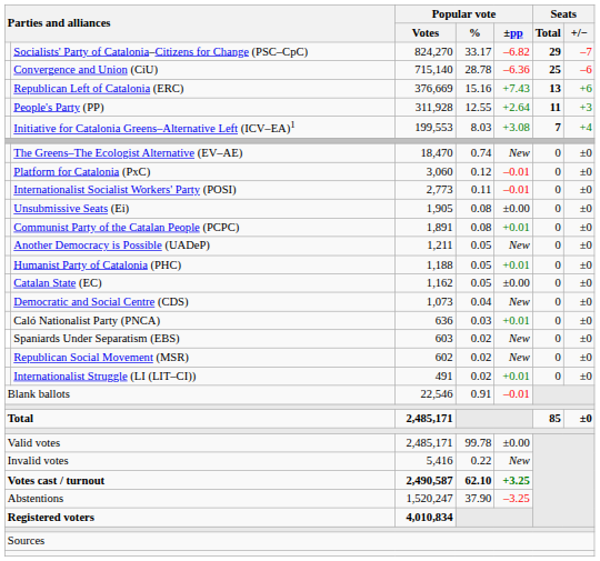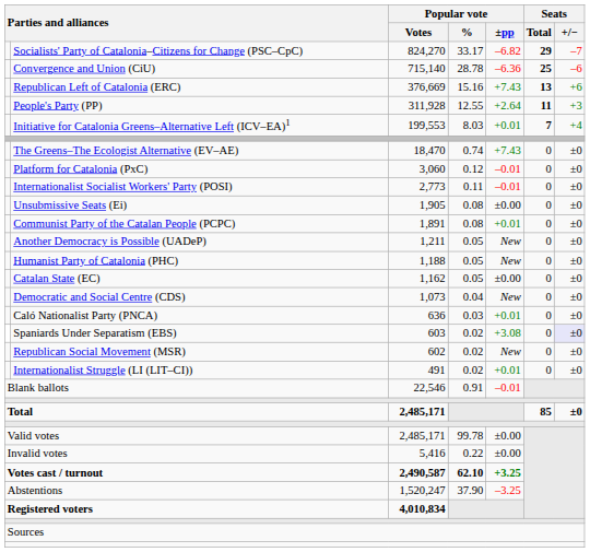 <table class="wikitable" style="text-align:right;">
 <tr>
 <th style="text-align:left;" rowspan="2" colspan="2" width="525">Parties and alliances</th>
 <th colspan="3">Popular vote</th>
 <th colspan="2">Seats</th>
 </tr>
 <tr>
 <th width="75">Votes</th>
 <th width="45">%</th>
 <th width="45">±<a href='#'>pp</a></th>
 <th width="35">Total</th>
 <th width="35">+/−</th>
 </tr>
 <tr>
 <td width="1" style="color:inherit;background:"></td>
 <td align="left"><a href='#'>Socialists' Party of Catalonia</a>–<a href='#'>Citizens for Change</a> (PSC–CpC)</td>
 <td>824,270</td>
 <td>33.17</td>
 <td style="color:red;">–6.82</td>
 <td><strong>29</strong></td>
 <td style="color:red;">–7</td>
 </tr>
 <tr>
 <td style="color:inherit;background:"></td>
 <td align="left"><a href='#'>Convergence and Union</a> (CiU)</td>
 <td>715,140</td>
 <td>28.78</td>
 <td style="color:red;">–6.36</td>
 <td><strong>25</strong></td>
 <td style="color:red;">–6</td>
 </tr>
 <tr>
 <td style="color:inherit;background:"></td>
 <td align="left"><a href='#'>Republican Left of Catalonia</a> (ERC)</td>
 <td>376,669</td>
 <td>15.16</td>
 <td style="color:green;">+7.43</td>
 <td><strong>13</strong></td>
 <td style="color:green;">+6</td>
 </tr>
 <tr>
 <td style="color:inherit;background:"></td>
 <td align="left"><a href='#'>People's Party</a> (PP)</td>
 <td>311,928</td>
 <td>12.55</td>
 <td style="color:green;">+2.64</td>
 <td><strong>11</strong></td>
 <td style="color:green;">+3</td>
 </tr>
 <tr>
 <td style="color:inherit;background:"></td>
 <td align="left"><a href='#'>Initiative for Catalonia Greens–Alternative Left</a> (ICV–EA)<sup>1</sup></td>
 <td>199,553</td>
 <td>8.03</td>
-<td style="color:green;">+3.08</td>
+<td style="color:green;">+0.01</td>
 <td><strong>7</strong></td>
 <td style="color:green;">+4</td>
 </tr>
 <tr>
 <td colspan="7" bgcolor="#C0C0C0"></td>
 </tr>
 <tr>
 <td style="color:inherit;background:"></td>
 <td align="left"><a href='#'>The Greens–The Ecologist Alternative</a> (EV–AE)</td>
 <td>18,470</td>
 <td>0.74</td>
-<td><em>New</em></td>
+<td style="color:green;">+7.43</td>
 <td>0</td>
 <td>±0</td>
 </tr>
 <tr>
 <td style="color:inherit;background:"></td>
 <td align="left"><a href='#'>Platform for Catalonia</a> (PxC)</td>
 <td>3,060</td>
 <td>0.12</td>
 <td style="color:red;">–0.01</td>
 <td>0</td>
 <td>±0</td>
 </tr>
 <tr>
 <td style="color:inherit;background:"></td>
 <td align="left"><a href='#'>Internationalist Socialist Workers' Party</a> (POSI)</td>
 <td>2,773</td>
 <td>0.11</td>
 <td style="color:red;">–0.01</td>
 <td>0</td>
 <td>±0</td>
 </tr>
 <tr>
 <td style="color:inherit;background:"></td>
 <td align="left"><a href='#'>Unsubmissive Seats</a> (Ei)</td>
 <td>1,905</td>
 <td>0.08</td>
 <td>±0.00</td>
 <td>0</td>
 <td>±0</td>
 </tr>
 <tr>
 <td style="color:inherit;background:"></td>
 <td align="left"><a href='#'>Communist Party of the Catalan People</a> (PCPC)</td>
 <td>1,891</td>
 <td>0.08</td>
 <td style="color:green;">+0.01</td>
 <td>0</td>
 <td>±0</td>
 </tr>
 <tr>
 <td style="color:inherit;background:"></td>
 <td align="left"><a href='#'>Another Democracy is Possible</a> (UADeP)</td>
 <td>1,211</td>
 <td>0.05</td>
 <td><em>New</em></td>
 <td>0</td>
 <td>±0</td>
 </tr>
 <tr>
 <td style="color:inherit;background:"></td>
 <td align="left"><a href='#'>Humanist Party of Catalonia</a> (PHC)</td>
 <td>1,188</td>
 <td>0.05</td>
-<td style="color:green;">+0.01</td>
+<td><em>New</em></td>
 <td>0</td>
 <td>±0</td>
 </tr>
 <tr>
 <td style="color:inherit;background:"></td>
 <td align="left"><a href='#'>Catalan State</a> (EC)</td>
 <td>1,162</td>
 <td>0.05</td>
 <td>±0.00</td>
 <td>0</td>
 <td>±0</td>
 </tr>
 <tr>
 <td style="color:inherit;background:"></td>
 <td align="left"><a href='#'>Democratic and Social Centre</a> (CDS)</td>
 <td>1,073</td>
 <td>0.04</td>
 <td><em>New</em></td>
 <td>0</td>
 <td>±0</td>
 </tr>
 <tr>
 <td style="color:inherit;background:"></td>
 <td align="left">Caló Nationalist Party (PNCA)</td>
 <td>636</td>
 <td>0.03</td>
 <td style="color:green;">+0.01</td>
 <td>0</td>
 <td>±0</td>
 </tr>
 <tr>
 <td bgcolor="white"></td>
 <td align="left">Spaniards Under Separatism (EBS)</td>
 <td>603</td>
 <td>0.02</td>
-<td><em>New</em></td>
+<td style="color:green;">+3.08</td>
 <td>0</td>
-<td>±0</td>
+<td style="background: lavender;">±0</td>
 </tr>
 <tr>
 <td style="color:inherit;background:"></td>
 <td align="left"><a href='#'>Republican Social Movement</a> (MSR)</td>
 <td>602</td>
 <td>0.02</td>
 <td><em>New</em></td>
 <td>0</td>
 <td>±0</td>
 </tr>
 <tr>
 <td style="color:inherit;background:"></td>
 <td align="left"><a href='#'>Internationalist Struggle</a> (LI (LIT–CI))</td>
 <td>491</td>
 <td>0.02</td>
 <td style="color:green;">+0.01</td>
 <td>0</td>
 <td>±0</td>
 </tr>
 <tr>
 <td align="left" colspan="2">Blank ballots</td>
 <td>22,546</td>
 <td>0.91</td>
 <td style="color:red;">–0.01</td>
 <td bgcolor="#E9E9E9" colspan="2"></td>
 </tr>
 <tr>
 <td colspan="7" bgcolor="#E9E9E9"></td>
 </tr>
 <tr style="font-weight:bold;">
 <td align="left" colspan="2">Total</td>
 <td>2,485,171</td>
 <td bgcolor="#E9E9E9" colspan="2"></td>
 <td>85</td>
 <td>±0</td>
 </tr>
 <tr>
 <td colspan="7" bgcolor="#E9E9E9"></td>
 </tr>
 <tr>
 <td align="left" colspan="2">Valid votes</td>
 <td>2,485,171</td>
 <td>99.78</td>
 <td>±0.00</td>
 <td bgcolor="#E9E9E9" colspan="2" rowspan="5"></td>
 </tr>
 <tr>
 <td align="left" colspan="2">Invalid votes</td>
 <td>5,416</td>
 <td>0.22</td>
-<td><em>New</em></td>
+<td>±0.00</td>
 </tr>
 <tr style="font-weight:bold;">
 <td align="left" colspan="2">Votes cast / turnout</td>
 <td>2,490,587</td>
 <td>62.10</td>
 <td style="color:green;">+3.25</td>
 </tr>
 <tr>
 <td align="left" colspan="2">Abstentions</td>
 <td>1,520,247</td>
 <td>37.90</td>
 <td style="color:red;">–3.25</td>
 </tr>
 <tr style="font-weight:bold;">
 <td align="left" colspan="2">Registered voters</td>
 <td>4,010,834</td>
 <td bgcolor="#E9E9E9" colspan="2"></td>
 </tr>
 <tr>
 <td colspan="7" bgcolor="#E9E9E9"></td>
 </tr>
 <tr>
 <td align="left" colspan="7">Sources</td>
 </tr>
 <tr>
 <td colspan="7" style="text-align:left; max-width:790px;"></td>
 </tr>
 </table>
